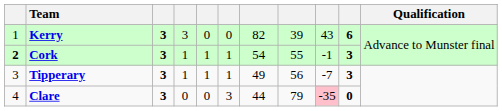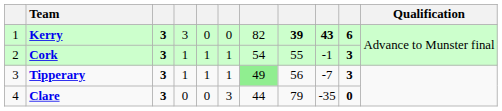 <table class="wikitable" style="text-align:center">
 <tr>
 <th width=20></th>
 <th width=150 style="text-align:left;">Team</th>
 <th width=20></th>
 <th width=20></th>
 <th width=20></th>
 <th width=20></th>
 <th width=40></th>
 <th width=40></th>
 <th width=20></th>
 <th width=20></th>
 <th>Qualification</th>
 </tr>
 <tr style="background:#ccffcc">
 <td>1</td>
 <td align=left><strong> <a href='#'>Kerry</a> </strong></td>
 <td><strong>3</strong></td>
 <td>3</td>
 <td>0</td>
 <td>0</td>
 <td>82</td>
-<td>39</td>
-<td>43</td>
+<td><strong>39</strong></td>
+<td><strong>43</strong></td>
 <td><strong>6</strong></td>
 <td rowspan=2>Advance to Munster final</td>
 </tr>
 <tr style="background:#ccffcc">
-<td><strong>2</strong></td>
+<td>2</td>
 <td align=left><strong> <a href='#'>Cork</a> </strong></td>
 <td><strong>3</strong></td>
 <td>1</td>
 <td>1</td>
 <td>1</td>
 <td>54</td>
 <td>55</td>
 <td>-1</td>
 <td><strong>3</strong></td>
 </tr>
 <tr>
 <td>3</td>
 <td align=left><strong> <a href='#'>Tipperary</a> </strong></td>
 <td><strong>3</strong></td>
 <td>1</td>
 <td>1</td>
 <td>1</td>
-<td>49</td>
+<td style="background: lightgreen;">49</td>
 <td>56</td>
 <td>-7</td>
 <td><strong>3</strong></td>
 <td rowspan="2"></td>
 </tr>
 <tr>
 <td>4</td>
 <td align=left><strong> <a href='#'>Clare</a> </strong></td>
 <td><strong>3</strong></td>
 <td>0</td>
 <td>0</td>
 <td>3</td>
 <td>44</td>
 <td>79</td>
-<td style="background: pink;">-35</td>
+<td>-35</td>
 <td><strong>0</strong></td>
 </tr>
 </table>
